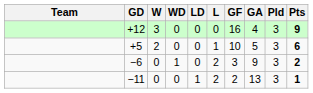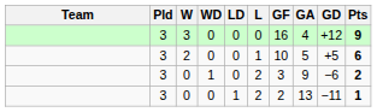 <table class="wikitable" style="text-align:center">
 <tr>
 <th width=175>Team</th>
-<th width=20>GD</th>
+<th width=20>Pld</th>
 <th width=20>W</th>
 <th width=20>WD</th>
 <th width=20>LD</th>
 <th width=20>L</th>
 <th width=20>GF</th>
 <th width=20>GA</th>
-<th width=20>Pld</th>
+<th width=20>GD</th>
 <th width=20>Pts</th>
 </tr>
 <tr bgcolor=ccffcc>
 <td align=left></td>
-<td>+12</td>
+<td>3</td>
 <td>3</td>
 <td>0</td>
 <td>0</td>
 <td>0</td>
 <td>16</td>
 <td>4</td>
-<td>3</td>
+<td>+12</td>
 <td><strong>9</strong></td>
 </tr>
 <tr>
 <td align=left></td>
-<td>+5</td>
+<td>3</td>
 <td>2</td>
 <td>0</td>
 <td>0</td>
 <td>1</td>
 <td>10</td>
 <td>5</td>
-<td>3</td>
+<td>+5</td>
 <td><strong>6</strong></td>
 </tr>
 <tr>
 <td align=left></td>
-<td>−6</td>
+<td>3</td>
 <td>0</td>
 <td>1</td>
 <td>0</td>
 <td>2</td>
 <td>3</td>
 <td>9</td>
-<td>3</td>
+<td>−6</td>
 <td><strong>2</strong></td>
 </tr>
 <tr>
 <td align=left></td>
-<td>−11</td>
+<td>3</td>
 <td>0</td>
 <td>0</td>
 <td>1</td>
 <td>2</td>
 <td>2</td>
 <td>13</td>
-<td>3</td>
+<td>−11</td>
 <td><strong>1</strong></td>
 </tr>
 </table>
